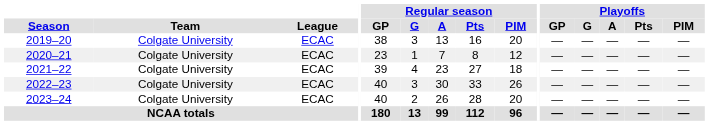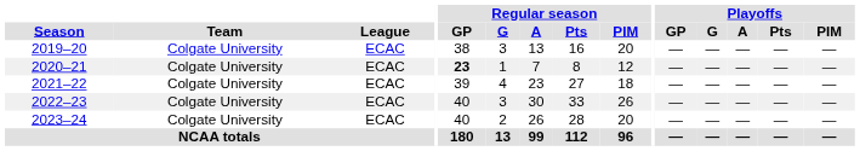 <table border="0" cellpadding="1" cellspacing="0" style="text-align:center; width:60em">
 <tr bgcolor="#e0e0e0">
 <th colspan="3" bgcolor="#ffffff"></th>
 <th rowspan="97" bgcolor="#ffffff"></th>
 <th colspan="5"><a href='#'>Regular season</a></th>
 <th rowspan="97" bgcolor="#ffffff"></th>
 <th colspan="5"><a href='#'>Playoffs</a></th>
 </tr>
 <tr bgcolor="#e0e0e0">
 <th><a href='#'>Season</a></th>
 <th>Team</th>
 <th>League</th>
 <th>GP</th>
 <th><a href='#'>G</a></th>
 <th><a href='#'>A</a></th>
 <th><a href='#'>Pts</a></th>
 <th><a href='#'>PIM</a></th>
 <th>GP</th>
 <th>G</th>
 <th>A</th>
 <th>Pts</th>
 <th>PIM</th>
 </tr>
 <tr>
 <td><a href='#'>2019–20</a></td>
 <td><a href='#'>Colgate University</a></td>
 <td><a href='#'>ECAC</a></td>
 <td>38</td>
 <td>3</td>
 <td>13</td>
 <td>16</td>
 <td>20</td>
 <td>—</td>
 <td>—</td>
 <td>—</td>
 <td>—</td>
 <td>—</td>
 </tr>
 <tr bgcolor="#f0f0f0">
 <td><a href='#'>2020–21</a></td>
 <td>Colgate University</td>
 <td>ECAC</td>
-<td>23</td>
+<td><strong>23</strong></td>
 <td>1</td>
 <td>7</td>
 <td>8</td>
 <td>12</td>
 <td>—</td>
 <td>—</td>
 <td>—</td>
 <td>—</td>
 <td>—</td>
 </tr>
 <tr>
 <td><a href='#'>2021–22</a></td>
 <td>Colgate University</td>
 <td>ECAC</td>
 <td>39</td>
 <td>4</td>
 <td>23</td>
 <td>27</td>
 <td>18</td>
 <td>—</td>
 <td>—</td>
 <td>—</td>
 <td>—</td>
 <td>—</td>
 </tr>
 <tr bgcolor="#f0f0f0">
 <td><a href='#'>2022–23</a></td>
 <td>Colgate University</td>
 <td>ECAC</td>
 <td>40</td>
 <td>3</td>
 <td>30</td>
 <td>33</td>
 <td>26</td>
 <td>—</td>
 <td>—</td>
 <td>—</td>
 <td>—</td>
 <td>—</td>
 </tr>
 <tr>
 <td><a href='#'>2023–24</a></td>
 <td>Colgate University</td>
 <td>ECAC</td>
 <td>40</td>
 <td>2</td>
 <td>26</td>
 <td>28</td>
 <td>20</td>
 <td>—</td>
 <td>—</td>
 <td>—</td>
 <td>—</td>
 <td>—</td>
 </tr>
 <tr bgcolor="#e0e0e0">
 <th colspan="3">NCAA totals</th>
 <th>180</th>
 <th>13</th>
 <th>99</th>
 <th>112</th>
 <th>96</th>
 <th>—</th>
 <th>—</th>
 <th>—</th>
 <th>—</th>
 <th>—</th>
 </tr>
 </table>
